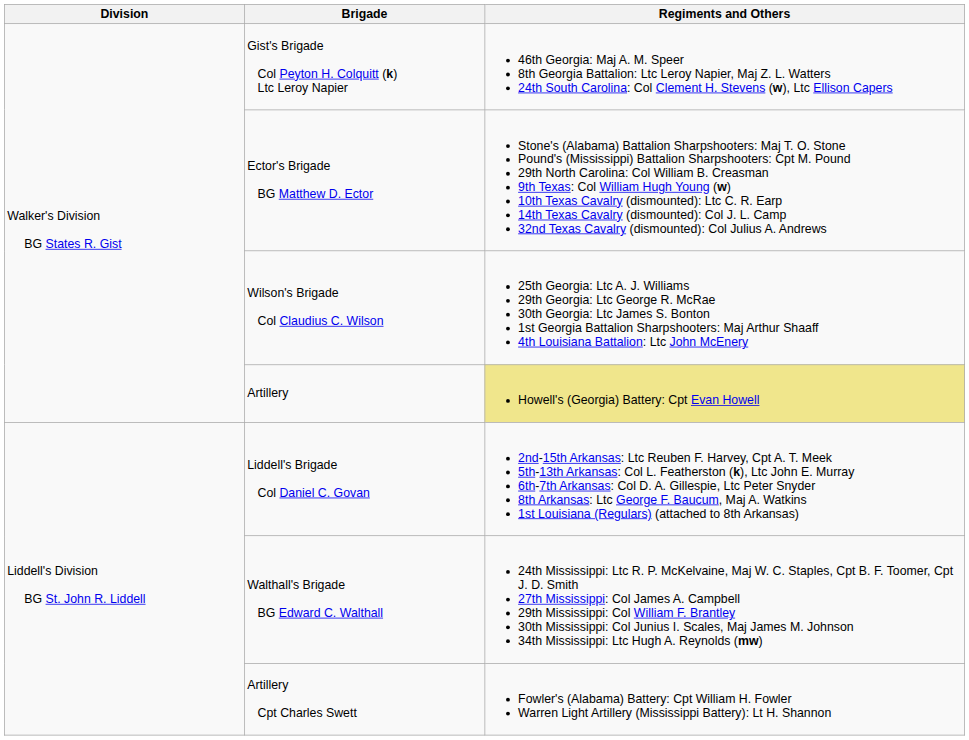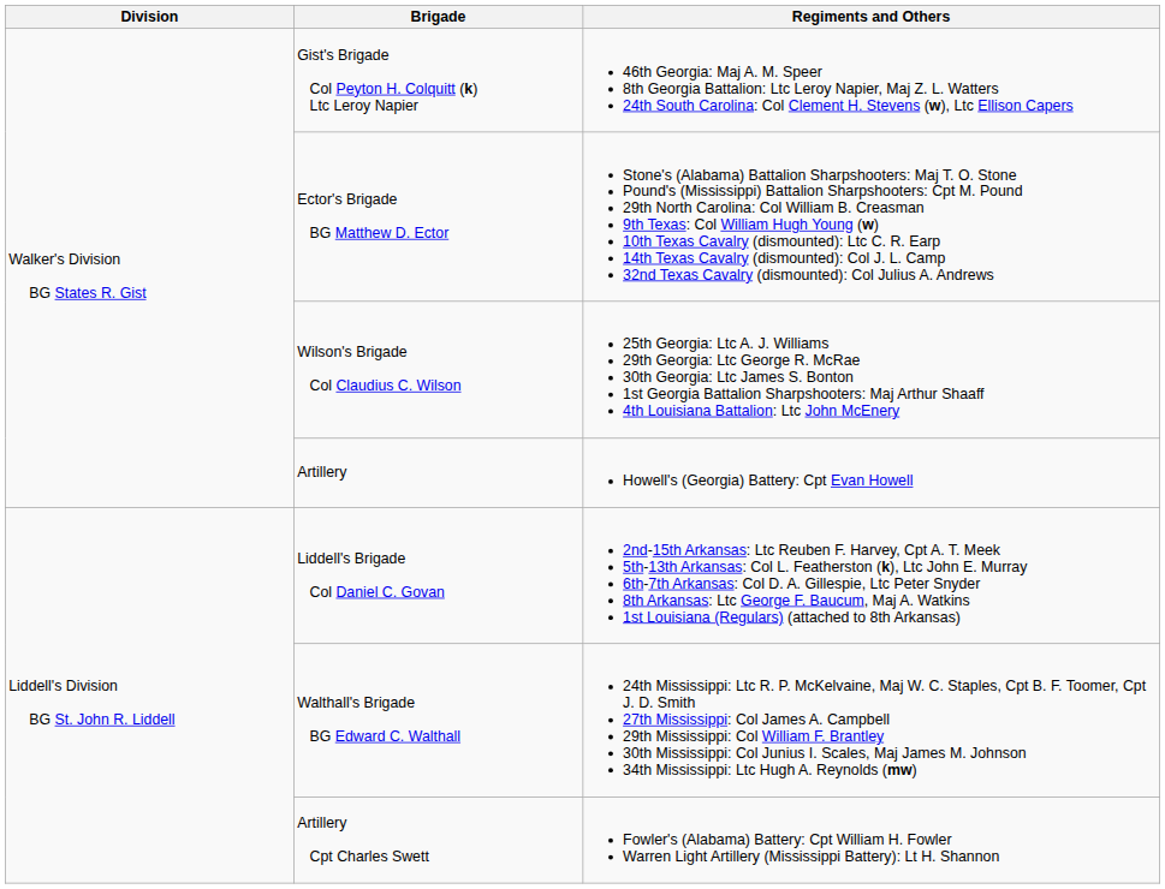 <table class="wikitable">
 <tr>
 <th width=25%>Division</th>
 <th width=25%>Brigade</th>
 <th>Regiments and Others</th>
 </tr>
 <tr>
 <td rowspan=4><br>Walker's Division<br><br>     BG <a href='#'>States R. Gist</a></td>
 <td>Gist's Brigade <br><br>   Col <a href='#'>Peyton H. Colquitt</a> (<strong>k</strong>) <br>   Ltc Leroy Napier</td>
 <td><br><ul><li>46th Georgia: Maj A. M. Speer</li><li>8th Georgia Battalion: Ltc Leroy Napier, Maj Z. L. Watters</li><li><a href='#'>24th South Carolina</a>: Col <a href='#'>Clement H. Stevens</a> (<strong>w</strong>), Ltc <a href='#'>Ellison Capers</a></li></ul></td>
 </tr>
 <tr>
 <td>Ector's Brigade<br><br>   BG <a href='#'>Matthew D. Ector</a></td>
 <td><br><ul><li>Stone's (Alabama) Battalion Sharpshooters: Maj T. O. Stone</li><li>Pound's (Mississippi) Battalion Sharpshooters: Cpt M. Pound</li><li>29th North Carolina: Col William B. Creasman</li><li><a href='#'>9th Texas</a>: Col <a href='#'>William Hugh Young</a> (<strong>w</strong>)</li><li><a href='#'>10th Texas Cavalry</a> (dismounted): Ltc C. R. Earp</li><li><a href='#'>14th Texas Cavalry</a> (dismounted): Col J. L. Camp</li><li><a href='#'>32nd Texas Cavalry</a> (dismounted): Col Julius A. Andrews</li></ul></td>
 </tr>
 <tr>
 <td>Wilson's Brigade<br><br>   Col <a href='#'>Claudius C. Wilson</a></td>
 <td><br><ul><li>25th Georgia: Ltc A. J. Williams</li><li>29th Georgia: Ltc George R. McRae</li><li>30th Georgia: Ltc James S. Bonton</li><li>1st Georgia Battalion Sharpshooters: Maj Arthur Shaaff</li><li><a href='#'>4th Louisiana Battalion</a>: Ltc <a href='#'>John McEnery</a></li></ul></td>
 </tr>
 <tr>
 <td>Artillery </td>
-<td style="background: khaki;"><br><ul><li>Howell's (Georgia) Battery: Cpt <a href='#'>Evan Howell</a></li></ul></td>
+<td><br><ul><li>Howell's (Georgia) Battery: Cpt <a href='#'>Evan Howell</a></li></ul></td>
 </tr>
 <tr>
 <td rowspan=3><br>Liddell's Division<br><br>     BG <a href='#'>St. John R. Liddell</a></td>
 <td>Liddell's Brigade<br><br>   Col <a href='#'>Daniel C. Govan</a></td>
 <td><br><ul><li><a href='#'>2nd</a>-<a href='#'>15th Arkansas</a>: Ltc Reuben F. Harvey, Cpt A. T. Meek</li><li><a href='#'>5th</a>-<a href='#'>13th Arkansas</a>: Col L. Featherston (<strong>k</strong>), Ltc John E. Murray</li><li><a href='#'>6th</a>-<a href='#'>7th Arkansas</a>: Col D. A. Gillespie, Ltc Peter Snyder</li><li><a href='#'>8th Arkansas</a>: Ltc <a href='#'>George F. Baucum</a>, Maj A. Watkins</li><li><a href='#'>1st Louisiana (Regulars)</a> (attached to 8th Arkansas)</li></ul></td>
 </tr>
 <tr>
 <td>Walthall's Brigade<br><br>   BG <a href='#'>Edward C. Walthall</a></td>
 <td><br><ul><li>24th Mississippi: Ltc R. P. McKelvaine, Maj W. C. Staples, Cpt B. F. Toomer, Cpt J. D. Smith</li><li><a href='#'>27th Mississippi</a>: Col James A. Campbell</li><li>29th Mississippi: Col <a href='#'>William F. Brantley</a></li><li>30th Mississippi: Col Junius I. Scales, Maj James M. Johnson</li><li>34th Mississippi: Ltc Hugh A. Reynolds (<strong>mw</strong>)</li></ul></td>
 </tr>
 <tr>
 <td>Artillery<br><br>   Cpt Charles Swett</td>
 <td><br><ul><li>Fowler's (Alabama) Battery: Cpt William H. Fowler</li><li>Warren Light Artillery (Mississippi Battery): Lt H. Shannon</li></ul></td>
 </tr>
 </table>
